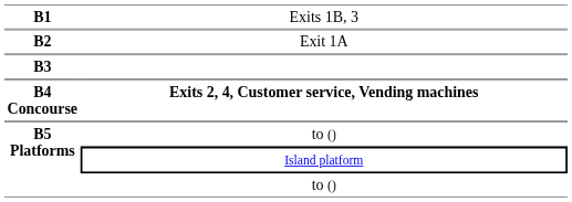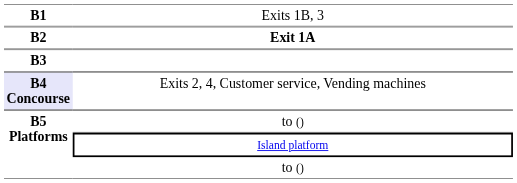 <table table border=0 cellspacing=0 cellpadding=3>
 <tr>
 <td style="border-bottom:solid 1px gray; border-top:solid 1px gray;text-align:center" valign=top width=50><strong>B1</strong></td>
 <td style="border-bottom:solid 1px gray; border-top:solid 1px gray;text-align:center;" valign=top width=500>Exits 1B, 3</td>
 </tr>
 <tr>
 <td style="border-bottom:solid 1px gray; border-top:solid 1px gray;text-align:center" valign=top width=50><strong>B2</strong></td>
-<td style="border-bottom:solid 1px gray; border-top:solid 1px gray;text-align:center;" valign=top width=500>Exit 1A</td>
+<td style="border-bottom:solid 1px gray; border-top:solid 1px gray;text-align:center;" valign=top width=500><strong>Exit 1A</strong></td>
 </tr>
 <tr>
 <td style="border-bottom:solid 1px gray; border-top:solid 1px gray;text-align:center" valign=top width=50><strong>B3</strong></td>
 <td style="border-bottom:solid 1px gray; border-top:solid 1px gray;text-align:center;" valign=top width=500></td>
 </tr>
 <tr>
-<td style="border-bottom:solid 1px gray; border-top:solid 1px gray;text-align:center" valign=top><strong>B4<br>Concourse</strong></td>
-<td style="border-bottom:solid 1px gray; border-top:solid 1px gray;text-align:center;" valign=top width=500><strong>Exits 2, 4, Customer service, Vending machines</strong></td>
+<td style="background: lavender; border-bottom:solid 1px gray; border-top:solid 1px gray;text-align:center" valign=top><strong>B4<br>Concourse</strong></td>
+<td style="border-bottom:solid 1px gray; border-top:solid 1px gray;text-align:center;" valign=top width=500>Exits 2, 4, Customer service, Vending machines</td>
 </tr>
 <tr>
 <td style="border-bottom:solid 1px gray; border-top:solid 1px gray;text-align:center" rowspan="3" valign=top><strong>B5<br>Platforms</strong></td>
 <td style="border-bottom:solid 1px gray; border-top:solid 1px gray;text-align:center;">  to  <small>()</small></td>
 </tr>
 <tr>
 <td style="border-right:solid 2px black;border-left:solid 2px black;border-top:solid 2px black;border-bottom:solid 2px black;text-align:center;" colspan=2><small><a href='#'>Island platform</a></small></td>
 </tr>
 <tr>
 <td style="border-bottom:solid 1px gray;text-align:center;"> to  <small>()</small> </td>
 </tr>
 </table>
